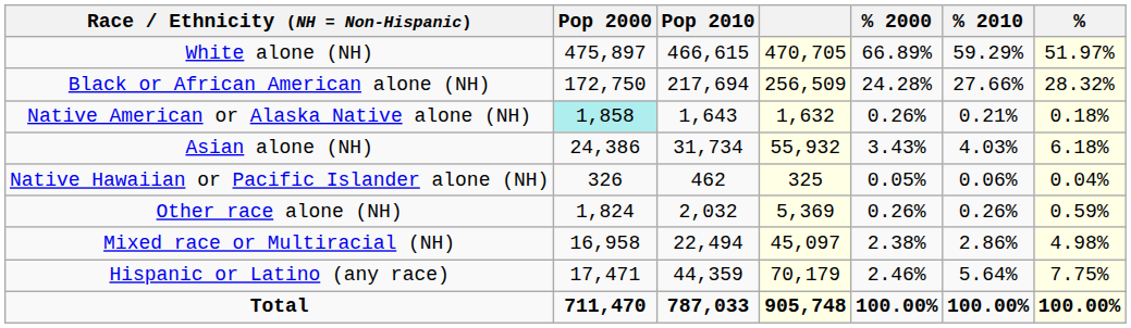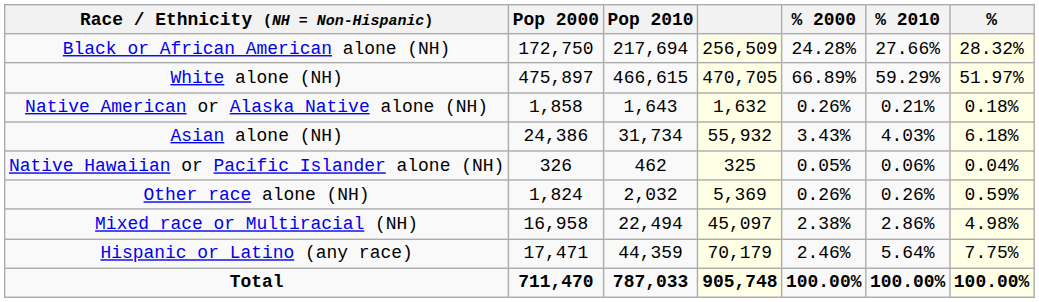 <table class="wikitable" style="text-align:center;">
 <tr>
 <th>Race / Ethnicity <small>(<em>NH = Non-Hispanic</em>)</small></th>
 <th>Pop 2000</th>
 <th>Pop 2010</th>
 <th></th>
 <th>% 2000</th>
 <th>% 2010</th>
 <th>% </th>
 </tr>
 <tr>
+<td><a href='#'>Black or African American</a> alone (NH)</td>
+<td>172,750</td>
+<td>217,694</td>
+<td style='background: #ffffe6;'>256,509</td>
+<td>24.28%</td>
+<td>27.66%</td>
+<td style='background: #ffffe6;'>28.32%</td>
+</tr>
+<tr>
 <td><a href='#'>White</a> alone (NH)</td>
 <td>475,897</td>
 <td>466,615</td>
 <td style='background: #ffffe6;'>470,705</td>
 <td>66.89%</td>
 <td>59.29%</td>
 <td style='background: #ffffe6;'>51.97%</td>
 </tr>
 <tr>
-<td><a href='#'>Black or African American</a> alone (NH)</td>
-<td>172,750</td>
-<td>217,694</td>
-<td style='background: #ffffe6;'>256,509</td>
-<td>24.28%</td>
-<td>27.66%</td>
-<td style='background: #ffffe6;'>28.32%</td>
-</tr>
-<tr>
 <td><a href='#'>Native American</a> or <a href='#'>Alaska Native</a> alone (NH)</td>
-<td style="background: paleturquoise;">1,858</td>
+<td>1,858</td>
 <td>1,643</td>
 <td style='background: #ffffe6;'>1,632</td>
 <td>0.26%</td>
 <td>0.21%</td>
 <td style='background: #ffffe6;'>0.18%</td>
 </tr>
 <tr>
 <td><a href='#'>Asian</a> alone (NH)</td>
 <td>24,386</td>
 <td>31,734</td>
 <td style='background: #ffffe6;'>55,932</td>
 <td>3.43%</td>
 <td>4.03%</td>
 <td style='background: #ffffe6;'>6.18%</td>
 </tr>
 <tr>
 <td><a href='#'>Native Hawaiian</a> or <a href='#'>Pacific Islander</a> alone (NH)</td>
 <td>326</td>
 <td>462</td>
 <td style='background: #ffffe6;'>325</td>
 <td>0.05%</td>
 <td>0.06%</td>
 <td style='background: #ffffe6;'>0.04%</td>
 </tr>
 <tr>
 <td><a href='#'>Other race</a> alone (NH)</td>
 <td>1,824</td>
 <td>2,032</td>
 <td style='background: #ffffe6;'>5,369</td>
 <td>0.26%</td>
 <td>0.26%</td>
 <td style='background: #ffffe6;'>0.59%</td>
 </tr>
 <tr>
 <td><a href='#'>Mixed race or Multiracial</a> (NH)</td>
 <td>16,958</td>
 <td>22,494</td>
 <td style='background: #ffffe6;'>45,097</td>
 <td>2.38%</td>
 <td>2.86%</td>
 <td style='background: #ffffe6;'>4.98%</td>
 </tr>
 <tr>
 <td><a href='#'>Hispanic or Latino</a> (any race)</td>
 <td>17,471</td>
 <td>44,359</td>
 <td style='background: #ffffe6;'>70,179</td>
 <td>2.46%</td>
 <td>5.64%</td>
 <td style='background: #ffffe6;'>7.75%</td>
 </tr>
 <tr>
 <td><strong>Total</strong></td>
 <td><strong>711,470</strong></td>
 <td><strong>787,033</strong></td>
 <td style='background: #ffffe6;'><strong>905,748</strong></td>
 <td><strong>100.00%</strong></td>
 <td><strong>100.00%</strong></td>
 <td style='background: #ffffe6;'><strong>100.00%</strong></td>
 </tr>
 </table>
